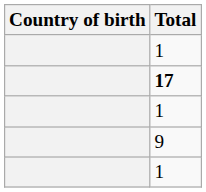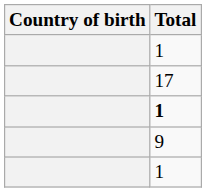 <table class="wikitable plainrowheaders sortable">
 <tr>
 <th scope=col>Country of birth</th>
 <th scope=col>Total</th>
 </tr>
 <tr>
 <th scope="row"></th>
 <td>1</td>
 </tr>
 <tr>
 <th scope="row"></th>
-<td><strong>17</strong></td>
+<td>17</td>
 </tr>
 <tr>
 <th scope="row"></th>
-<td>1</td>
+<td><strong>1</strong></td>
 </tr>
 <tr>
 <th scope="row"></th>
 <td>9</td>
 </tr>
 <tr>
 <th scope="row"></th>
 <td>1</td>
 </tr>
 </table>
